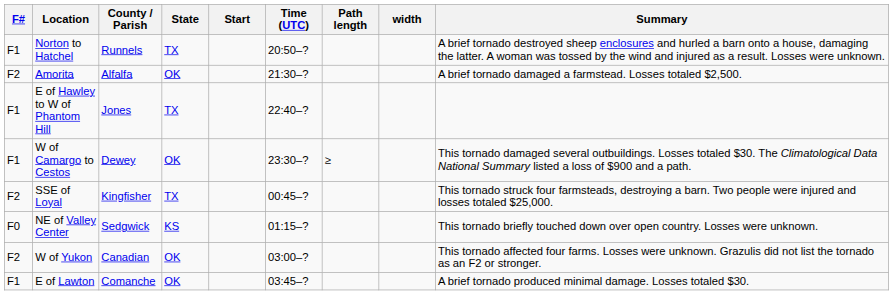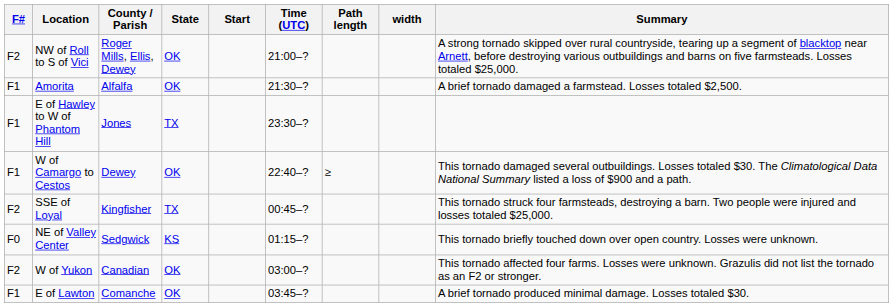 <table class="wikitable sortable" style="width:100%;">
 <tr>
 <th scope="col"  style="width:3%; text-align:center;"><a href='#'>F#</a></th>
 <th scope="col"  style="width:7%; text-align:center;" class="unsortable">Location</th>
 <th scope="col"  style="width:6%; text-align:center;" class="unsortable">County / Parish</th>
 <th scope="col"  style="width:5%; text-align:center;">State</th>
 <th scope="col"  style="width:6%; text-align:center;">Start<br></th>
 <th scope="col"  style="width:6%; text-align:center;">Time (<a href='#'>UTC</a>)</th>
 <th scope="col"  style="width:6%; text-align:center;">Path length</th>
 <th scope="col"  style="width:6%; text-align:center;"> width</th>
 <th scope="col" class="unsortable" style="width:48%; text-align:center;">Summary</th>
 </tr>
 <tr>
-<td>F1</td>
-<td><a href='#'>Norton</a> to <a href='#'>Hatchel</a></td>
-<td><a href='#'>Runnels</a></td>
-<td><a href='#'>TX</a></td>
+<td>F2</td>
+<td>NW of <a href='#'>Roll</a> to S of <a href='#'>Vici</a></td>
+<td><a href='#'>Roger Mills</a>, <a href='#'>Ellis</a>, <a href='#'>Dewey</a></td>
+<td><a href='#'>OK</a></td>
 <td></td>
-<td>20:50–?</td>
+<td>21:00–?</td>
 <td></td>
 <td></td>
-<td>A brief tornado destroyed sheep <a href='#'>enclosures</a> and hurled a barn onto a house, damaging the latter. A woman was tossed by the wind and injured as a result. Losses were unknown.</td>
+<td>A strong tornado skipped over rural countryside, tearing up a segment of <a href='#'>blacktop</a> near <a href='#'>Arnett</a>, before destroying various outbuildings and barns on five farmsteads. Losses totaled $25,000.</td>
 </tr>
 <tr>
-<td>F2</td>
+<td>F1</td>
 <td><a href='#'>Amorita</a></td>
 <td><a href='#'>Alfalfa</a></td>
 <td><a href='#'>OK</a></td>
 <td></td>
 <td>21:30–?</td>
 <td></td>
 <td></td>
 <td>A brief tornado damaged a farmstead. Losses totaled $2,500.</td>
 </tr>
 <tr>
 <td>F1</td>
 <td>E of <a href='#'>Hawley</a> to W of <a href='#'>Phantom Hill</a></td>
 <td><a href='#'>Jones</a></td>
 <td><a href='#'>TX</a></td>
 <td></td>
-<td>22:40–?</td>
+<td>23:30–?</td>
 <td></td>
 <td></td>
 <td></td>
 </tr>
 <tr>
 <td>F1</td>
 <td>W of <a href='#'>Camargo</a> to <a href='#'>Cestos</a></td>
 <td><a href='#'>Dewey</a></td>
 <td><a href='#'>OK</a></td>
 <td></td>
-<td>23:30–?</td>
+<td>22:40–?</td>
 <td>≥</td>
 <td></td>
 <td>This tornado damaged several outbuildings. Losses totaled $30. The <em>Climatological Data National Summary</em> listed a loss of $900 and a  path.</td>
 </tr>
 <tr>
 <td>F2</td>
 <td>SSE of <a href='#'>Loyal</a></td>
 <td><a href='#'>Kingfisher</a></td>
 <td><a href='#'>TX</a></td>
 <td></td>
 <td>00:45–?</td>
 <td></td>
 <td></td>
 <td>This tornado struck four farmsteads, destroying a barn. Two people were injured and losses totaled $25,000.</td>
 </tr>
 <tr>
 <td>F0</td>
 <td>NE of <a href='#'>Valley Center</a></td>
 <td><a href='#'>Sedgwick</a></td>
 <td><a href='#'>KS</a></td>
 <td></td>
 <td>01:15–?</td>
 <td></td>
 <td></td>
 <td>This tornado briefly touched down over open country. Losses were unknown.</td>
 </tr>
 <tr>
 <td>F2</td>
 <td>W of <a href='#'>Yukon</a></td>
 <td><a href='#'>Canadian</a></td>
 <td><a href='#'>OK</a></td>
 <td></td>
 <td>03:00–?</td>
 <td></td>
 <td></td>
 <td>This tornado affected four farms. Losses were unknown. Grazulis did not list the tornado as an F2 or stronger.</td>
 </tr>
 <tr>
 <td>F1</td>
 <td>E of <a href='#'>Lawton</a></td>
 <td><a href='#'>Comanche</a></td>
 <td><a href='#'>OK</a></td>
 <td></td>
 <td>03:45–?</td>
 <td></td>
 <td></td>
 <td>A brief tornado produced minimal damage. Losses totaled $30.</td>
 </tr>
 </table>
